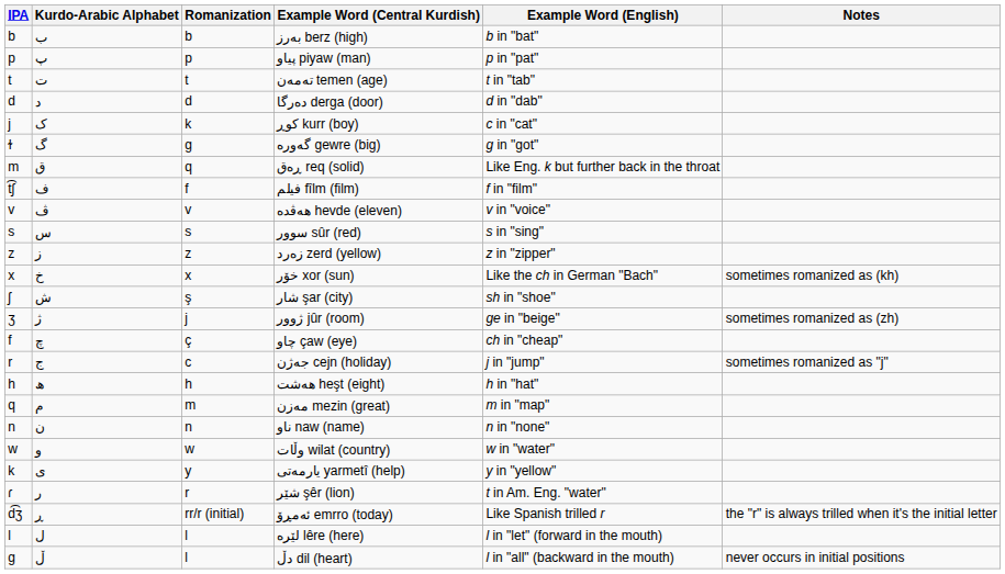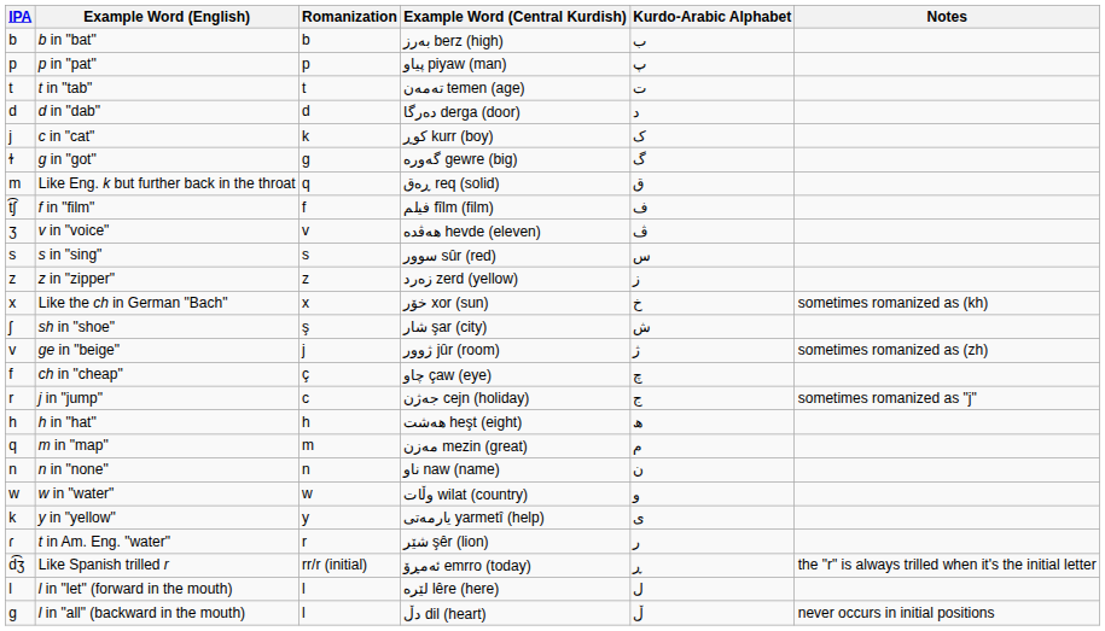 <table class="wikitable">
 <tr>
 <th><a href='#'>IPA</a></th>
-<th>Kurdo-Arabic Alphabet</th>
+<th>Example Word (English)</th>
 <th>Romanization</th>
 <th>Example Word (Central Kurdish)</th>
-<th>Example Word (English)</th>
+<th>Kurdo-Arabic Alphabet</th>
 <th>Notes</th>
 </tr>
 <tr>
 <td>b</td>
-<td>ب</td>
+<td><em>b</em> in "bat"</td>
 <td>b</td>
 <td>بەرز berz (high)</td>
-<td><em>b</em> in "bat"</td>
+<td>ب</td>
 <td></td>
 </tr>
 <tr>
 <td>p</td>
-<td>پ</td>
+<td><em>p</em> in "pat"</td>
 <td>p</td>
 <td>پیاو piyaw (man)</td>
-<td><em>p</em> in "pat"</td>
+<td>پ</td>
 <td></td>
 </tr>
 <tr>
 <td>t</td>
-<td>ت</td>
+<td><em>t</em> in "tab"</td>
 <td>t</td>
 <td>ته‌مه‌ن temen (age)</td>
-<td><em>t</em> in "tab"</td>
+<td>ت</td>
 <td></td>
 </tr>
 <tr>
 <td>d</td>
-<td>د</td>
+<td><em>d</em> in "dab"</td>
 <td>d</td>
 <td>ده‌رگا derga (door)</td>
-<td><em>d</em> in "dab"</td>
+<td>د</td>
 <td></td>
 </tr>
 <tr>
 <td>j</td>
-<td>ک</td>
+<td><em>c</em> in "cat"</td>
 <td>k</td>
 <td>کوڕ kurr (boy)</td>
-<td><em>c</em> in "cat"</td>
+<td>ک</td>
 <td></td>
 </tr>
 <tr>
 <td>ɫ</td>
-<td>گ</td>
+<td><em>g</em> in "got"</td>
 <td>g</td>
 <td>گه‌وره gewre (big)</td>
-<td><em>g</em> in "got"</td>
+<td>گ</td>
 <td></td>
 </tr>
 <tr>
 <td>m</td>
-<td>ق</td>
+<td>Like Eng. <em>k</em> but further back in the throat</td>
 <td>q</td>
 <td>ڕەق req (solid)</td>
-<td>Like Eng. <em>k</em> but further back in the throat</td>
+<td>ق</td>
 <td></td>
 </tr>
 <tr>
 <td>t͡ʃ</td>
-<td>ف</td>
+<td><em>f</em> in "film"</td>
 <td>f</td>
 <td>فیلم fîlm (film)</td>
-<td><em>f</em> in "film"</td>
+<td>ف</td>
+<td></td>
+</tr>
+<tr>
+<td>ʒ</td>
+<td><em>v</em> in "voice"</td>
+<td>v</td>
+<td>هەڤدە hevde (eleven)</td>
+<td>ڤ</td>
+<td></td>
+</tr>
+<tr>
+<td>s</td>
+<td><em>s</em> in "sing"</td>
+<td>s</td>
+<td>سوور sûr (red)</td>
+<td>س</td>
+<td></td>
+</tr>
+<tr>
+<td>z</td>
+<td><em>z</em> in "zipper"</td>
+<td>z</td>
+<td>زەرد zerd (yellow)</td>
+<td>ز</td>
+<td></td>
+</tr>
+<tr>
+<td>x</td>
+<td>Like the <em>ch</em> in German "Bach"</td>
+<td>x</td>
+<td>خۆر xor (sun)</td>
+<td>خ</td>
+<td>sometimes romanized as (kh)</td>
+</tr>
+<tr>
+<td>ʃ</td>
+<td><em>sh</em> in "shoe"</td>
+<td>ş</td>
+<td>شار şar (city)</td>
+<td>ش</td>
 <td></td>
 </tr>
 <tr>
 <td>v</td>
-<td>ڤ</td>
-<td>v</td>
-<td>هەڤدە hevde (eleven)</td>
-<td><em>v</em> in "voice"</td>
-<td></td>
-</tr>
-<tr>
-<td>s</td>
-<td>س</td>
-<td>s</td>
-<td>سوور sûr (red)</td>
-<td><em>s</em> in "sing"</td>
-<td></td>
-</tr>
-<tr>
-<td>z</td>
-<td>ز</td>
-<td>z</td>
-<td>زەرد zerd (yellow)</td>
-<td><em>z</em> in "zipper"</td>
-<td></td>
-</tr>
-<tr>
-<td>x</td>
-<td>خ</td>
-<td>x</td>
-<td>خۆر xor (sun)</td>
-<td>Like the <em>ch</em> in German "Bach"</td>
-<td>sometimes romanized as (kh)</td>
-</tr>
-<tr>
-<td>ʃ</td>
-<td>ش</td>
-<td>ş</td>
-<td>شار şar (city)</td>
-<td><em>sh</em> in "shoe"</td>
-<td></td>
-</tr>
-<tr>
-<td>ʒ</td>
-<td>ژ</td>
+<td><em>ge</em> in "beige"</td>
 <td>j</td>
 <td>ژوور jûr (room)</td>
-<td><em>ge</em> in "beige"</td>
+<td>ژ</td>
 <td>sometimes romanized as (zh)</td>
 </tr>
 <tr>
 <td>f</td>
-<td>چ</td>
+<td><em>ch</em> in "cheap"</td>
 <td>ç</td>
 <td>چاو çaw (eye)</td>
-<td><em>ch</em> in "cheap"</td>
+<td>چ</td>
 <td></td>
 </tr>
 <tr>
 <td>r</td>
-<td>ج</td>
+<td><em>j</em> in "jump"</td>
 <td>c</td>
 <td>جەژن cejn (holiday)</td>
-<td><em>j</em> in "jump"</td>
+<td>ج</td>
 <td>sometimes romanized as "j"</td>
 </tr>
 <tr>
 <td>h</td>
-<td>ھ</td>
+<td><em>h</em> in "hat"</td>
 <td>h</td>
 <td>هەشت heşt (eight)</td>
-<td><em>h</em> in "hat"</td>
+<td>ھ</td>
 <td></td>
 </tr>
 <tr>
 <td>q</td>
-<td>م</td>
+<td><em>m</em> in "map"</td>
 <td>m</td>
 <td>مەزن mezin (great)</td>
-<td><em>m</em> in "map"</td>
+<td>م</td>
 <td></td>
 </tr>
 <tr>
 <td>n</td>
-<td>ن</td>
+<td><em>n</em> in "none"</td>
 <td>n</td>
 <td>ناو naw (name)</td>
-<td><em>n</em> in "none"</td>
+<td>ن</td>
 <td></td>
 </tr>
 <tr>
 <td>w</td>
-<td>و</td>
+<td><em>w</em> in "water"</td>
 <td>w</td>
 <td>وڵات wilat (country)</td>
-<td><em>w</em> in "water"</td>
+<td>و</td>
 <td></td>
 </tr>
 <tr>
 <td>k</td>
-<td>ى</td>
+<td><em>y</em> in "yellow"</td>
 <td>y</td>
 <td>یارمەتی yarmetî (help)</td>
-<td><em>y</em> in "yellow"</td>
+<td>ى</td>
 <td></td>
 </tr>
 <tr>
 <td>ɾ</td>
-<td>ر</td>
+<td><em>t</em> in Am. Eng. "water"</td>
 <td>r</td>
 <td>شێر şêr (lion)</td>
-<td><em>t</em> in Am. Eng. "water"</td>
+<td>ر</td>
 <td></td>
 </tr>
 <tr>
 <td>d͡ʒ</td>
-<td>ڕ</td>
+<td>Like Spanish trilled <em>r</em></td>
 <td>rr/r (initial)</td>
 <td>ئەمڕۆ emrro (today)</td>
-<td>Like Spanish trilled <em>r</em></td>
+<td>ڕ</td>
 <td>the "r" is always trilled when it's the initial letter</td>
 </tr>
 <tr>
 <td>l</td>
-<td>ل</td>
+<td><em>l</em> in "let" (forward in the mouth)</td>
 <td>l</td>
 <td>لێرە lêre (here)</td>
-<td><em>l</em> in "let" (forward in the mouth)</td>
+<td>ل</td>
 <td></td>
 </tr>
 <tr>
 <td>g</td>
-<td>ڵ</td>
+<td><em>l</em> in "all" (backward in the mouth)</td>
 <td>l</td>
 <td>دڵ dil (heart)</td>
-<td><em>l</em> in "all" (backward in the mouth)</td>
+<td>ڵ</td>
 <td>never occurs in initial positions</td>
 </tr>
 </table>
